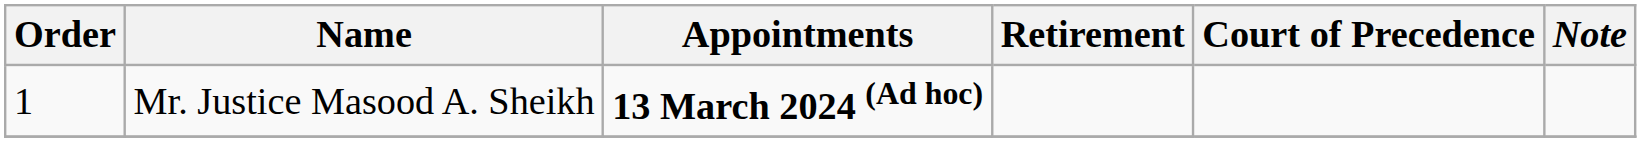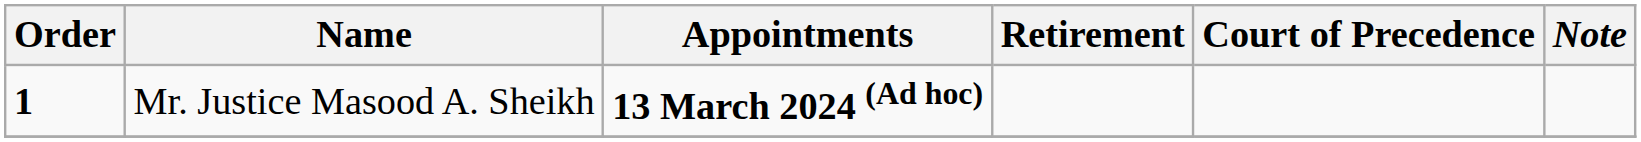 <table class="wikitable sortable">
 <tr>
 <th>Order</th>
 <th>Name</th>
 <th>Appointments</th>
 <th>Retirement</th>
 <th>Court of Precedence</th>
 <th><em>Note</em></th>
 </tr>
 <tr>
-<td>1</td>
+<td><strong>1</strong></td>
 <td>Mr. Justice Masood A. Sheikh</td>
 <td><strong>13 March 2024 <sup>(Ad hoc)</sup></strong></td>
 <td></td>
 <td></td>
 <td></td>
 </tr>
 <tr>
 </tr>
 </table>
